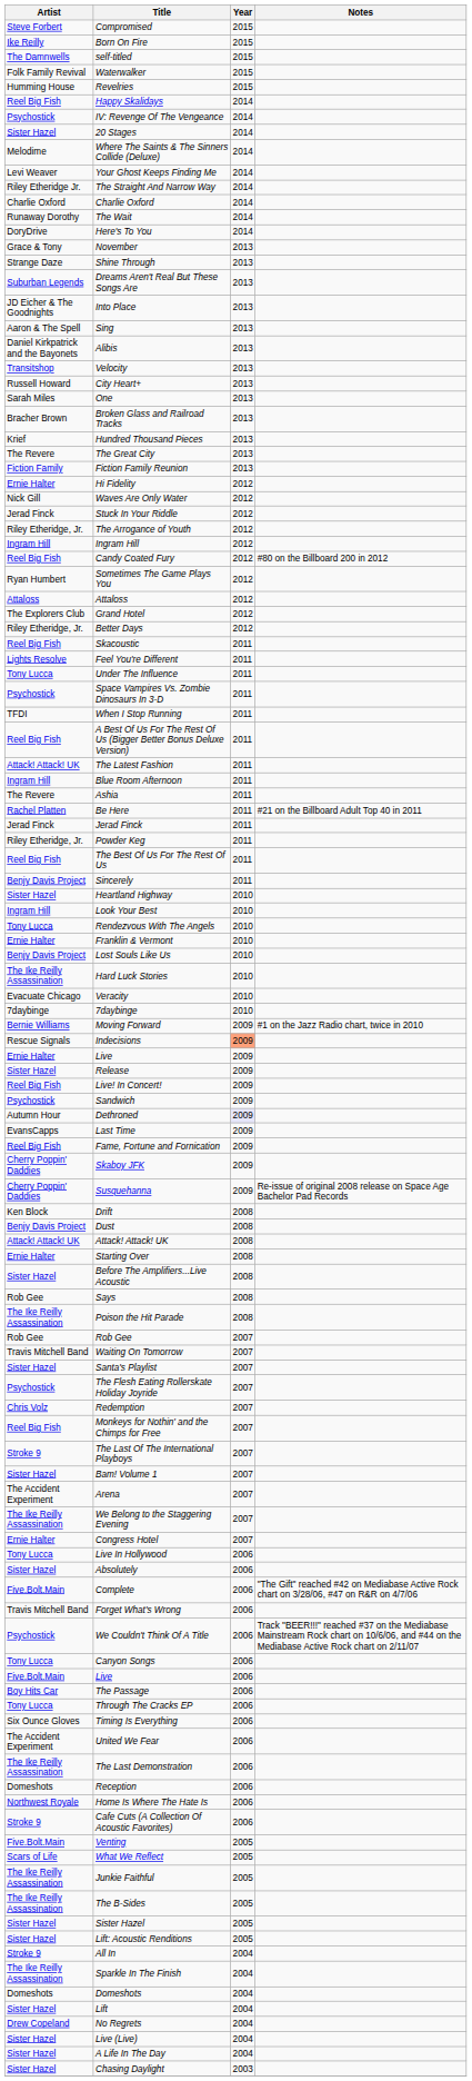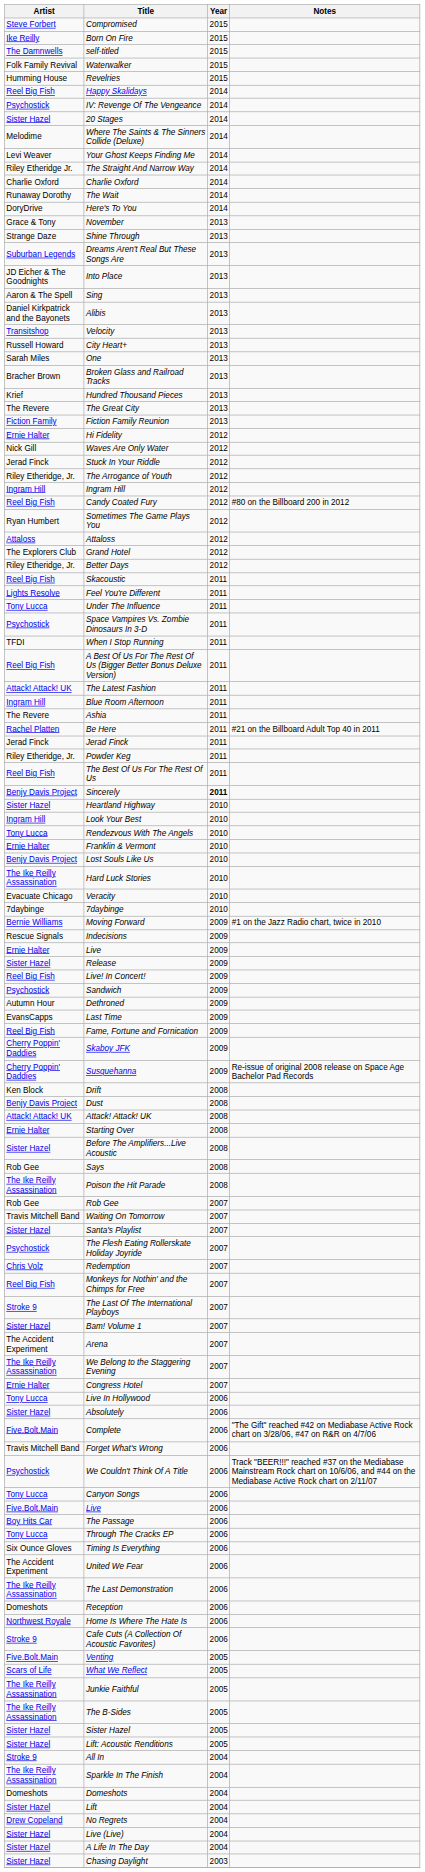 <table class="sortable wikitable" style="font-size:9pt">
 <tr>
 <th>Artist</th>
 <th>Title</th>
 <th>Year</th>
 <th>Notes</th>
 </tr>
 <tr>
 <td><a href='#'>Steve Forbert</a></td>
 <td><em>Compromised</em></td>
 <td>2015</td>
 </tr>
 <tr>
 <td><a href='#'>Ike Reilly</a></td>
 <td><em>Born On Fire</em></td>
 <td>2015</td>
 <td></td>
 </tr>
 <tr>
 <td><a href='#'>The Damnwells</a></td>
 <td><em>self-titled</em></td>
 <td>2015</td>
 <td></td>
 </tr>
 <tr>
 <td>Folk Family Revival</td>
 <td><em>Waterwalker</em></td>
 <td>2015</td>
 <td></td>
 </tr>
 <tr>
 <td>Humming House</td>
 <td><em>Revelries</em></td>
 <td>2015</td>
 <td></td>
 </tr>
 <tr>
 <td><a href='#'>Reel Big Fish</a></td>
 <td><em><a href='#'>Happy Skalidays</a></em></td>
 <td>2014</td>
 <td></td>
 </tr>
 <tr>
 <td><a href='#'>Psychostick</a></td>
 <td><em>IV: Revenge Of The Vengeance</em></td>
 <td>2014</td>
 <td></td>
 </tr>
 <tr>
 <td><a href='#'>Sister Hazel</a></td>
 <td><em>20 Stages</em></td>
 <td>2014</td>
 <td></td>
 </tr>
 <tr>
 <td>Melodime</td>
 <td><em>Where The Saints & The Sinners Collide (Deluxe)</em></td>
 <td>2014</td>
 <td></td>
 </tr>
 <tr>
 <td>Levi Weaver</td>
 <td><em>Your Ghost Keeps Finding Me</em></td>
 <td>2014</td>
 <td></td>
 </tr>
 <tr>
 <td>Riley Etheridge Jr.</td>
 <td><em>The Straight And Narrow Way</em></td>
 <td>2014</td>
 <td></td>
 </tr>
 <tr>
 <td>Charlie Oxford</td>
 <td><em>Charlie Oxford</em></td>
 <td>2014</td>
 <td></td>
 </tr>
 <tr>
 <td>Runaway Dorothy</td>
 <td><em>The Wait</em></td>
 <td>2014</td>
 <td></td>
 </tr>
 <tr>
 <td>DoryDrive</td>
 <td><em>Here's To You</em></td>
 <td>2014</td>
 <td></td>
 </tr>
 <tr>
 <td>Grace & Tony</td>
 <td><em>November</em></td>
 <td>2013</td>
 <td></td>
 </tr>
 <tr>
 <td>Strange Daze</td>
 <td><em>Shine Through</em></td>
 <td>2013</td>
 <td></td>
 </tr>
 <tr>
 <td><a href='#'>Suburban Legends</a></td>
 <td><em>Dreams Aren't Real But These Songs Are</em></td>
 <td>2013</td>
 <td></td>
 </tr>
 <tr>
 <td>JD Eicher & The Goodnights</td>
 <td><em>Into Place</em></td>
 <td>2013</td>
 <td></td>
 </tr>
 <tr>
 <td>Aaron & The Spell</td>
 <td><em>Sing</em></td>
 <td>2013</td>
 <td></td>
 </tr>
 <tr>
 <td>Daniel Kirkpatrick and the Bayonets</td>
 <td><em>Alibis</em></td>
 <td>2013</td>
 <td></td>
 </tr>
 <tr>
 <td><a href='#'>Transitshop</a></td>
 <td><em>Velocity</em></td>
 <td>2013</td>
 <td></td>
 </tr>
 <tr>
 <td>Russell Howard</td>
 <td><em>City Heart+</em></td>
 <td>2013</td>
 <td></td>
 </tr>
 <tr>
 <td>Sarah Miles</td>
 <td><em>One</em></td>
 <td>2013</td>
 <td></td>
 </tr>
 <tr>
 <td>Bracher Brown</td>
 <td><em>Broken Glass and Railroad Tracks</em></td>
 <td>2013</td>
 <td></td>
 </tr>
 <tr>
 <td>Krief</td>
 <td><em>Hundred Thousand Pieces</em></td>
 <td>2013</td>
 <td></td>
 </tr>
 <tr>
 <td>The Revere</td>
 <td><em>The Great City</em></td>
 <td>2013</td>
 <td></td>
 </tr>
 <tr>
 <td><a href='#'>Fiction Family</a></td>
 <td><em>Fiction Family Reunion</em></td>
 <td>2013</td>
 <td></td>
 </tr>
 <tr>
 <td><a href='#'>Ernie Halter</a></td>
 <td><em>Hi Fidelity</em></td>
 <td>2012</td>
 <td></td>
 </tr>
 <tr>
 <td>Nick Gill</td>
 <td><em>Waves Are Only Water</em></td>
 <td>2012</td>
 <td></td>
 </tr>
 <tr>
 <td>Jerad Finck</td>
 <td><em>Stuck In Your Riddle</em></td>
 <td>2012</td>
 <td></td>
 </tr>
 <tr>
 <td>Riley Etheridge, Jr.</td>
 <td><em>The Arrogance of Youth</em></td>
 <td>2012</td>
 <td></td>
 </tr>
 <tr>
 <td><a href='#'>Ingram Hill</a></td>
 <td><em>Ingram Hill</em></td>
 <td>2012</td>
 <td></td>
 </tr>
 <tr>
 <td><a href='#'>Reel Big Fish</a></td>
 <td><em>Candy Coated Fury</em></td>
 <td>2012</td>
 <td>#80 on the Billboard 200 in 2012</td>
 </tr>
 <tr>
 <td>Ryan Humbert</td>
 <td><em>Sometimes The Game Plays You</em></td>
 <td>2012</td>
 <td></td>
 </tr>
 <tr>
 <td><a href='#'>Attaloss</a></td>
 <td><em>Attaloss</em></td>
 <td>2012</td>
 <td></td>
 </tr>
 <tr>
 <td>The Explorers Club</td>
 <td><em>Grand Hotel</em></td>
 <td>2012</td>
 <td></td>
 </tr>
 <tr>
 <td>Riley Etheridge, Jr.</td>
 <td><em>Better Days</em></td>
 <td>2012</td>
 <td></td>
 </tr>
 <tr>
 <td><a href='#'>Reel Big Fish</a></td>
 <td><em>Skacoustic</em></td>
 <td>2011</td>
 <td></td>
 </tr>
 <tr>
 <td><a href='#'>Lights Resolve</a></td>
 <td><em>Feel You're Different</em></td>
 <td>2011</td>
 <td></td>
 </tr>
 <tr>
 <td><a href='#'>Tony Lucca</a></td>
 <td><em>Under The Influence</em></td>
 <td>2011</td>
 <td></td>
 </tr>
 <tr>
 <td><a href='#'>Psychostick</a></td>
 <td><em>Space Vampires Vs. Zombie Dinosaurs In 3-D</em></td>
 <td>2011</td>
 <td></td>
 </tr>
 <tr>
 <td>TFDI</td>
 <td><em>When I Stop Running</em></td>
 <td>2011</td>
 <td></td>
 </tr>
 <tr>
 <td><a href='#'>Reel Big Fish</a></td>
 <td><em>A Best Of Us For The Rest Of Us (Bigger Better Bonus Deluxe Version)</em></td>
 <td>2011</td>
 <td></td>
 </tr>
 <tr>
 <td><a href='#'>Attack! Attack! UK</a></td>
 <td><em>The Latest Fashion</em></td>
 <td>2011</td>
 <td></td>
 </tr>
 <tr>
 <td><a href='#'>Ingram Hill</a></td>
 <td><em>Blue Room Afternoon</em></td>
 <td>2011</td>
 <td></td>
 </tr>
 <tr>
 <td>The Revere</td>
 <td><em>Ashia</em></td>
 <td>2011</td>
 <td></td>
 </tr>
 <tr>
 <td><a href='#'>Rachel Platten</a></td>
 <td><em>Be Here</em></td>
 <td>2011</td>
 <td>#21 on the Billboard Adult Top 40 in 2011</td>
 </tr>
 <tr>
 <td>Jerad Finck</td>
 <td><em>Jerad Finck</em></td>
 <td>2011</td>
 <td></td>
 </tr>
 <tr>
 <td>Riley Etheridge, Jr.</td>
 <td><em>Powder Keg</em></td>
 <td>2011</td>
 <td></td>
 </tr>
 <tr>
 <td><a href='#'>Reel Big Fish</a></td>
 <td><em>The Best Of Us For The Rest Of Us</em></td>
 <td>2011</td>
 <td></td>
 </tr>
 <tr>
 <td><a href='#'>Benjy Davis Project</a></td>
 <td><em>Sincerely</em></td>
-<td>2011</td>
+<td><strong>2011</strong></td>
 <td></td>
 </tr>
 <tr>
 <td><a href='#'>Sister Hazel</a></td>
 <td><em>Heartland Highway</em></td>
 <td>2010</td>
 <td></td>
 </tr>
 <tr>
 <td><a href='#'>Ingram Hill</a></td>
 <td><em>Look Your Best</em></td>
 <td>2010</td>
 <td></td>
 </tr>
 <tr>
 <td><a href='#'>Tony Lucca</a></td>
 <td><em>Rendezvous With The Angels</em></td>
 <td>2010</td>
 <td></td>
 </tr>
 <tr>
 <td><a href='#'>Ernie Halter</a></td>
 <td><em>Franklin & Vermont</em></td>
 <td>2010</td>
 <td></td>
 </tr>
 <tr>
 <td><a href='#'>Benjy Davis Project</a></td>
 <td><em>Lost Souls Like Us</em></td>
 <td>2010</td>
 <td></td>
 </tr>
 <tr>
 <td><a href='#'>The Ike Reilly Assassination</a></td>
 <td><em>Hard Luck Stories</em></td>
 <td>2010</td>
 <td></td>
 </tr>
 <tr>
 <td>Evacuate Chicago</td>
 <td><em>Veracity</em></td>
 <td>2010</td>
 <td></td>
 </tr>
 <tr>
 <td>7daybinge</td>
 <td><em>7daybinge</em></td>
 <td>2010</td>
 <td></td>
 </tr>
 <tr>
 <td><a href='#'>Bernie Williams</a></td>
 <td><em>Moving Forward</em></td>
 <td>2009</td>
 <td>#1 on the Jazz Radio chart, twice in 2010</td>
 </tr>
 <tr>
 <td>Rescue Signals</td>
 <td><em>Indecisions</em></td>
-<td style="background: lightsalmon;">2009</td>
+<td>2009</td>
 <td></td>
 </tr>
 <tr>
 <td><a href='#'>Ernie Halter</a></td>
 <td><em>Live</em></td>
 <td>2009</td>
 <td></td>
 </tr>
 <tr>
 <td><a href='#'>Sister Hazel</a></td>
 <td><em>Release</em></td>
 <td>2009</td>
 <td></td>
 </tr>
 <tr>
 <td><a href='#'>Reel Big Fish</a></td>
 <td><em>Live! In Concert!</em></td>
 <td>2009</td>
 <td></td>
 </tr>
 <tr>
 <td><a href='#'>Psychostick</a></td>
 <td><em>Sandwich</em></td>
 <td>2009</td>
 <td></td>
 </tr>
 <tr>
 <td>Autumn Hour</td>
 <td><em>Dethroned</em></td>
-<td style="background: lavender;">2009</td>
+<td>2009</td>
 <td></td>
 </tr>
 <tr>
 <td>EvansCapps</td>
 <td><em>Last Time</em></td>
 <td>2009</td>
 <td></td>
 </tr>
 <tr>
 <td><a href='#'>Reel Big Fish</a></td>
 <td><em>Fame, Fortune and Fornication</em></td>
 <td>2009</td>
 <td></td>
 </tr>
 <tr>
 <td><a href='#'>Cherry Poppin' Daddies</a></td>
 <td><em><a href='#'>Skaboy JFK</a></em></td>
 <td>2009</td>
 <td></td>
 </tr>
 <tr>
 <td><a href='#'>Cherry Poppin' Daddies</a></td>
 <td><em><a href='#'>Susquehanna</a></em></td>
 <td>2009</td>
 <td>Re-issue of original 2008 release on Space Age Bachelor Pad Records</td>
 </tr>
 <tr>
 <td>Ken Block</td>
 <td><em>Drift</em></td>
 <td>2008</td>
 <td></td>
 </tr>
 <tr>
 <td><a href='#'>Benjy Davis Project</a></td>
 <td><em>Dust</em></td>
 <td>2008</td>
 <td></td>
 </tr>
 <tr>
 <td><a href='#'>Attack! Attack! UK</a></td>
 <td><em>Attack! Attack! UK</em></td>
 <td>2008</td>
 <td></td>
 </tr>
 <tr>
 <td><a href='#'>Ernie Halter</a></td>
 <td><em>Starting Over</em></td>
 <td>2008</td>
 <td></td>
 </tr>
 <tr>
 <td><a href='#'>Sister Hazel</a></td>
 <td><em>Before The Amplifiers...Live Acoustic</em></td>
 <td>2008</td>
 <td></td>
 </tr>
 <tr>
 <td>Rob Gee</td>
 <td><em>Says</em></td>
 <td>2008</td>
 <td></td>
 </tr>
 <tr>
 <td><a href='#'>The Ike Reilly Assassination</a></td>
 <td><em>Poison the Hit Parade</em></td>
 <td>2008</td>
 <td></td>
 </tr>
 <tr>
 <td>Rob Gee</td>
 <td><em>Rob Gee</em></td>
 <td>2007</td>
 <td></td>
 </tr>
 <tr>
 <td>Travis Mitchell Band</td>
 <td><em>Waiting On Tomorrow</em></td>
 <td>2007</td>
 <td></td>
 </tr>
 <tr>
 <td><a href='#'>Sister Hazel</a></td>
 <td><em>Santa's Playlist</em></td>
 <td>2007</td>
 <td></td>
 </tr>
 <tr>
 <td><a href='#'>Psychostick</a></td>
 <td><em>The Flesh Eating Rollerskate Holiday Joyride</em></td>
 <td>2007</td>
 <td></td>
 </tr>
 <tr>
 <td><a href='#'>Chris Volz</a></td>
 <td><em>Redemption</em></td>
 <td>2007</td>
 <td></td>
 </tr>
 <tr>
 <td><a href='#'>Reel Big Fish</a></td>
 <td><em>Monkeys for Nothin' and the Chimps for Free</em></td>
 <td>2007</td>
 <td></td>
 </tr>
 <tr>
 <td><a href='#'>Stroke 9</a></td>
 <td><em>The Last Of The International Playboys</em></td>
 <td>2007</td>
 <td></td>
 </tr>
 <tr>
 <td><a href='#'>Sister Hazel</a></td>
 <td><em>Bam! Volume 1</em></td>
 <td>2007</td>
 <td></td>
 </tr>
 <tr>
 <td>The Accident Experiment</td>
 <td><em>Arena</em></td>
 <td>2007</td>
 <td></td>
 </tr>
 <tr>
 <td><a href='#'>The Ike Reilly Assassination</a></td>
 <td><em>We Belong to the Staggering Evening</em></td>
 <td>2007</td>
 <td></td>
 </tr>
 <tr>
 <td><a href='#'>Ernie Halter</a></td>
 <td><em>Congress Hotel</em></td>
 <td>2007</td>
 <td></td>
 </tr>
 <tr>
 <td><a href='#'>Tony Lucca</a></td>
 <td><em>Live In Hollywood</em></td>
 <td>2006</td>
 <td></td>
 </tr>
 <tr>
 <td><a href='#'>Sister Hazel</a></td>
 <td><em>Absolutely</em></td>
 <td>2006</td>
 <td></td>
 </tr>
 <tr>
 <td><a href='#'>Five.Bolt.Main</a></td>
 <td><em>Complete</em></td>
 <td>2006</td>
 <td>"The Gift" reached #42 on Mediabase Active Rock chart on 3/28/06, #47 on R&R on 4/7/06</td>
 </tr>
 <tr>
 <td>Travis Mitchell Band</td>
 <td><em>Forget What's Wrong</em></td>
 <td>2006</td>
 <td></td>
 </tr>
 <tr>
 <td><a href='#'>Psychostick</a></td>
 <td><em>We Couldn't Think Of A Title</em></td>
 <td>2006</td>
 <td>Track "BEER!!!" reached #37 on the Mediabase Mainstream Rock chart on 10/6/06, and #44 on the Mediabase Active Rock chart on 2/11/07</td>
 </tr>
 <tr>
 <td><a href='#'>Tony Lucca</a></td>
 <td><em>Canyon Songs</em></td>
 <td>2006</td>
 <td></td>
 </tr>
 <tr>
 <td><a href='#'>Five.Bolt.Main</a></td>
 <td><em><a href='#'>Live</a></em></td>
 <td>2006</td>
 <td></td>
 </tr>
 <tr>
 <td><a href='#'>Boy Hits Car</a></td>
 <td><em>The Passage</em></td>
 <td>2006</td>
 <td></td>
 </tr>
 <tr>
 <td><a href='#'>Tony Lucca</a></td>
 <td><em>Through The Cracks EP</em></td>
 <td>2006</td>
 <td></td>
 </tr>
 <tr>
 <td>Six Ounce Gloves</td>
 <td><em>Timing Is Everything</em></td>
 <td>2006</td>
 <td></td>
 </tr>
 <tr>
 <td>The Accident Experiment</td>
 <td><em>United We Fear</em></td>
 <td>2006</td>
 <td></td>
 </tr>
 <tr>
 <td><a href='#'>The Ike Reilly Assassination</a></td>
 <td><em>The Last Demonstration</em></td>
 <td>2006</td>
 <td></td>
 </tr>
 <tr>
 <td>Domeshots</td>
 <td><em>Reception</em></td>
 <td>2006</td>
 <td></td>
 </tr>
 <tr>
 <td><a href='#'>Northwest Royale</a></td>
 <td><em>Home Is Where The Hate Is</em></td>
 <td>2006</td>
 <td></td>
 </tr>
 <tr>
 <td><a href='#'>Stroke 9</a></td>
 <td><em>Cafe Cuts (A Collection Of Acoustic Favorites)</em></td>
 <td>2006</td>
 <td></td>
 </tr>
 <tr>
 <td><a href='#'>Five.Bolt.Main</a></td>
 <td><em><a href='#'>Venting</a></em></td>
 <td>2005</td>
 <td></td>
 </tr>
 <tr>
 <td><a href='#'>Scars of Life</a></td>
 <td><em><a href='#'>What We Reflect</a></em></td>
 <td>2005</td>
 <td></td>
 </tr>
 <tr>
 <td><a href='#'>The Ike Reilly Assassination</a></td>
 <td><em>Junkie Faithful</em></td>
 <td>2005</td>
 <td></td>
 </tr>
 <tr>
 <td><a href='#'>The Ike Reilly Assassination</a></td>
 <td><em>The B-Sides</em></td>
 <td>2005</td>
 <td></td>
 </tr>
 <tr>
 <td><a href='#'>Sister Hazel</a></td>
 <td><em>Sister Hazel</em></td>
 <td>2005</td>
 <td></td>
 </tr>
 <tr>
 <td><a href='#'>Sister Hazel</a></td>
 <td><em>Lift: Acoustic Renditions</em></td>
 <td>2005</td>
 <td></td>
 </tr>
 <tr>
 <td><a href='#'>Stroke 9</a></td>
 <td><em>All In</em></td>
 <td>2004</td>
 <td></td>
 </tr>
 <tr>
 <td><a href='#'>The Ike Reilly Assassination</a></td>
 <td><em>Sparkle In The Finish</em></td>
 <td>2004</td>
 <td></td>
 </tr>
 <tr>
 <td>Domeshots</td>
 <td><em>Domeshots</em></td>
 <td>2004</td>
 <td></td>
 </tr>
 <tr>
 <td><a href='#'>Sister Hazel</a></td>
 <td><em>Lift</em></td>
 <td>2004</td>
 <td></td>
 </tr>
 <tr>
 <td><a href='#'>Drew Copeland</a></td>
 <td><em>No Regrets</em></td>
 <td>2004</td>
 <td></td>
 </tr>
 <tr>
 <td><a href='#'>Sister Hazel</a></td>
 <td><em>Live (Live)</em></td>
 <td>2004</td>
 <td></td>
 </tr>
 <tr>
 <td><a href='#'>Sister Hazel</a></td>
 <td><em>A Life In The Day</em></td>
 <td>2004</td>
 <td></td>
 </tr>
 <tr>
 <td><a href='#'>Sister Hazel</a></td>
 <td><em>Chasing Daylight</em></td>
 <td>2003</td>
 <td></td>
 </tr>
 <tr>
 </tr>
 </table>
